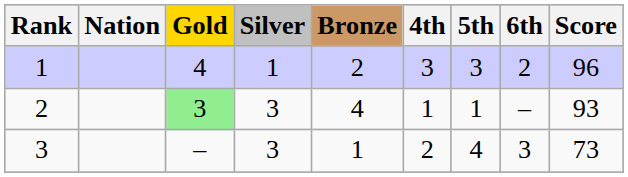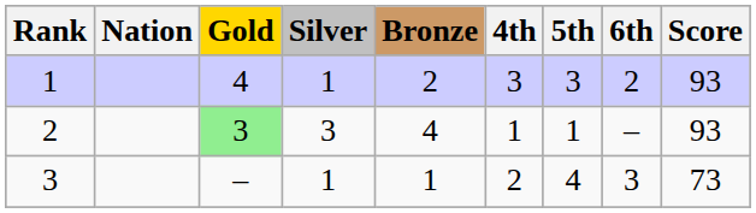 <table class="wikitable sortable" style="text-align:center">
 <tr>
 <th>Rank</th>
 <th>Nation</th>
 <td bgcolor="gold"><strong>Gold</strong></td>
 <td bgcolor="silver"><strong>Silver</strong></td>
 <td bgcolor=cc9966><strong>Bronze</strong></td>
 <th>4th</th>
 <th>5th</th>
 <th>6th</th>
 <th>Score</th>
 </tr>
 <tr style="background-color:#ccccff">
 <td>1</td>
 <td align=left></td>
 <td>4</td>
 <td>1</td>
 <td>2</td>
 <td>3</td>
 <td>3</td>
 <td>2</td>
-<td>96</td>
+<td>93</td>
 </tr>
 <tr>
 <td>2</td>
 <td align=left></td>
 <td style="background: lightgreen;">3</td>
 <td>3</td>
 <td>4</td>
 <td>1</td>
 <td>1</td>
 <td>–</td>
 <td>93</td>
 </tr>
 <tr>
 <td>3</td>
 <td align=left></td>
 <td>–</td>
-<td>3</td>
+<td>1</td>
 <td>1</td>
 <td>2</td>
 <td>4</td>
 <td>3</td>
 <td>73</td>
 </tr>
 </table>
